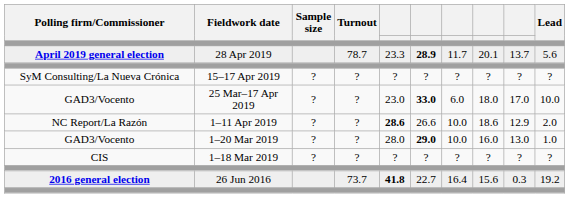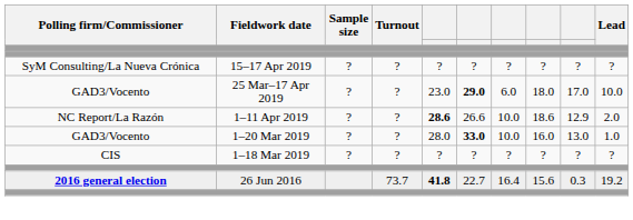 <table class="wikitable collapsible collapsed" style="text-align:center; font-size:95%; line-height:16px;">
 <tr style="height:42px;">
 <th style="width:250px;" rowspan="2">Polling firm/Commissioner</th>
 <th style="width:125px;" rowspan="2">Fieldwork date</th>
 <th style="width:50px;" rowspan="2">Sample size</th>
 <th style="width:45px;" rowspan="2">Turnout</th>
 <th style="width:35px;"></th>
 <th style="width:35px;"></th>
 <th style="width:35px;"></th>
 <th style="width:35px;"></th>
 <th style="width:35px;"></th>
 <th style="width:30px;" rowspan="2">Lead</th>
 </tr>
 <tr>
 <th style="color:inherit;background:"></th>
 <th style="color:inherit;background:"></th>
 <th style="color:inherit;background:"></th>
 <th style="color:inherit;background:"></th>
 <th style="color:inherit;background:"></th>
 </tr>
 <tr>
 <td colspan="10" style="background:#A0A0A0"></td>
 </tr>
-<tr style="background:#EFEFEF;">
-<td><strong><a href='#'>April 2019 general election</a></strong></td>
-<td>28 Apr 2019</td>
-<td></td>
-<td>78.7</td>
-<td>23.3<br></td>
-<td><strong>28.9</strong><br></td>
-<td>11.7<br></td>
-<td>20.1<br></td>
-<td>13.7<br></td>
-<td style="background:">5.6</td>
-</tr>
 <tr>
 <td colspan="10" style="background:#A0A0A0"></td>
 </tr>
 <tr>
 <td>SyM Consulting/La Nueva Crónica</td>
 <td>15–17 Apr 2019</td>
 <td>?</td>
 <td>?</td>
 <td>?<br></td>
 <td>?<br></td>
 <td>?<br></td>
 <td>?<br></td>
 <td>?<br></td>
 <td style="background:">?</td>
 </tr>
 <tr>
 <td>GAD3/Vocento</td>
 <td>25 Mar–17 Apr 2019</td>
 <td>?</td>
 <td>?</td>
 <td>23.0<br></td>
-<td><strong>33.0</strong><br></td>
+<td><strong>29.0</strong><br></td>
 <td>6.0<br></td>
 <td>18.0<br></td>
 <td>17.0<br></td>
 <td style="background:">10.0</td>
 </tr>
 <tr>
 <td>NC Report/La Razón</td>
 <td>1–11 Apr 2019</td>
 <td>?</td>
 <td>?</td>
 <td><strong>28.6</strong><br></td>
 <td>26.6<br></td>
 <td>10.0<br></td>
 <td>18.6<br></td>
 <td>12.9<br></td>
 <td style="background:">2.0</td>
 </tr>
 <tr>
 <td>GAD3/Vocento</td>
 <td>1–20 Mar 2019</td>
 <td>?</td>
 <td>?</td>
 <td>28.0<br></td>
-<td><strong>29.0</strong><br></td>
+<td><strong>33.0</strong><br></td>
 <td>10.0<br></td>
 <td>16.0<br></td>
 <td>13.0<br></td>
 <td style="background:">1.0</td>
 </tr>
 <tr>
 <td>CIS</td>
 <td>1–18 Mar 2019</td>
 <td>?</td>
 <td>?</td>
 <td>?<br></td>
 <td>?<br></td>
 <td>?<br></td>
 <td>?<br></td>
 <td>?<br></td>
 <td style="background:">?</td>
 </tr>
 <tr>
 <td colspan="10" style="background:#A0A0A0"></td>
 </tr>
 <tr style="background:#EFEFEF;">
 <td><strong><a href='#'>2016 general election</a></strong></td>
 <td>26 Jun 2016</td>
 <td></td>
 <td>73.7</td>
 <td><strong>41.8</strong><br></td>
 <td>22.7<br></td>
 <td>16.4<br></td>
 <td>15.6<br></td>
 <td>0.3<br></td>
 <td style="background:">19.2</td>
 </tr>
 <tr>
 <td colspan="10" style="background:#A0A0A0"></td>
 </tr>
 </table>
